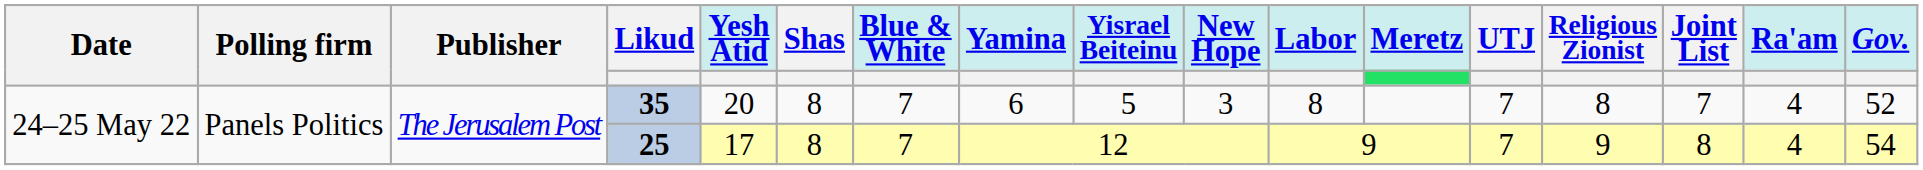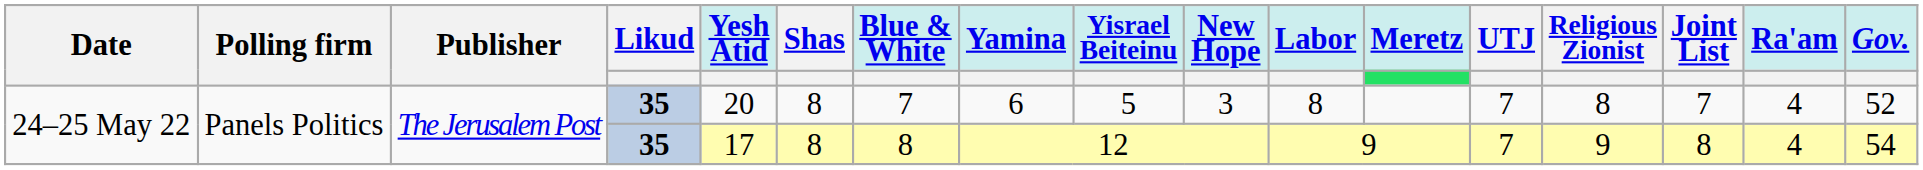 <table class="wikitable sortable" style=text-align:center;font-size:90%;line-height:12px>
 <tr>
 <th rowspan=2>Date</th>
 <th rowspan=2>Polling firm</th>
 <th rowspan=2>Publisher</th>
 <th><a href='#'>Likud</a></th>
 <th style=background:#cee><a href='#'>Yesh<br>Atid</a></th>
 <th><a href='#'>Shas</a></th>
 <th style=background:#cee><a href='#'>Blue &<br>White</a></th>
 <th style=background:#cee><a href='#'>Yamina</a></th>
 <th style="background:#cee; font-size:90%"><a href='#'>Yisrael<br>Beiteinu</a></th>
 <th style=background:#cee><a href='#'>New<br>Hope</a></th>
 <th style=background:#cee><a href='#'>Labor</a></th>
 <th style=background:#cee><a href='#'>Meretz</a></th>
 <th><a href='#'>UTJ</a></th>
 <th style=font-size:90%><a href='#'>Religious<br>Zionist</a></th>
 <th><a href='#'>Joint<br>List</a></th>
 <th style=background:#cee><a href='#'>Ra'am</a></th>
 <th style=background:#cee><a href='#'><em>Gov.</em></a></th>
 </tr>
 <tr>
 <th style=background:></th>
 <th style=background:></th>
 <th style=background:></th>
 <th style=background:></th>
 <th style=background:></th>
 <th style=background:></th>
 <th style=background:></th>
 <th style=background:></th>
 <th style=background:#23e164></th>
 <th style=background:></th>
 <th style=background:></th>
 <th style=background:></th>
 <th style=background:></th>
 <th style=background:></th>
 </tr>
 <tr>
 <td rowspan=2 data-sort-value=2022-05-25>24–25 May 22</td>
 <td rowspan=2>Panels Politics</td>
 <td rowspan=2 style=letter-spacing:-1px><em><a href='#'>The Jerusalem Post</a></em></td>
 <td style=background:#BBCDE4><strong>35</strong>	</td>
 <td>20					</td>
 <td>8					</td>
 <td>7					</td>
 <td>6					</td>
 <td>5					</td>
 <td>3					</td>
 <td>8					</td>
 <td>	</td>
 <td>7					</td>
 <td>8					</td>
 <td>7					</td>
 <td>4					</td>
 <td>52					</td>
 </tr>
 <tr style=background:#fffdb0>
-<td style=background:#BBCDE4><strong>25</strong>	</td>
+<td style=background:#BBCDE4><strong>35</strong>	</td>
 <td>17					</td>
 <td>8					</td>
-<td>7					</td>
+<td>8					</td>
 <td colspan=3>12		</td>
 <td colspan=2>9		</td>
 <td>7					</td>
 <td>9					</td>
 <td>8					</td>
 <td>4					</td>
 <td>54					</td>
 </tr>
 </table>
